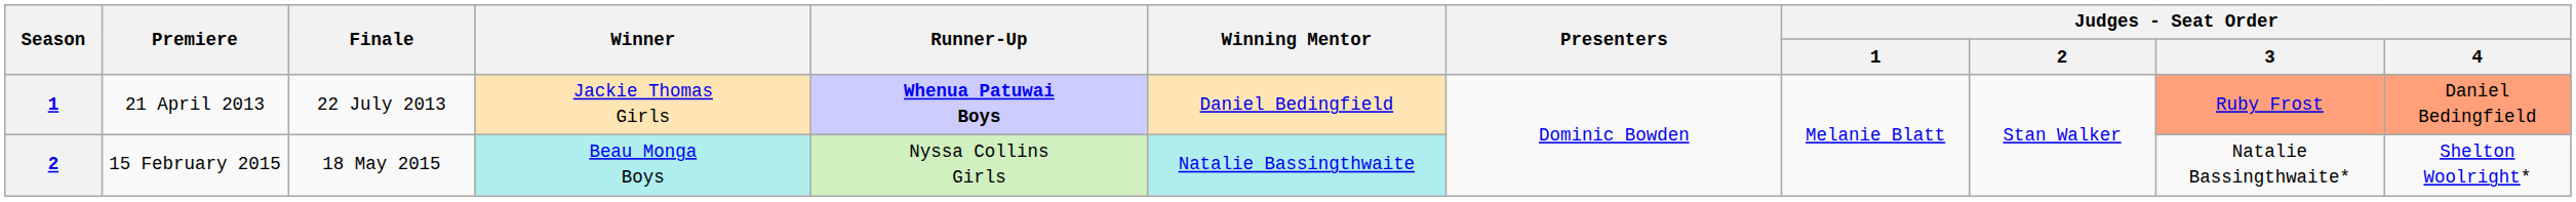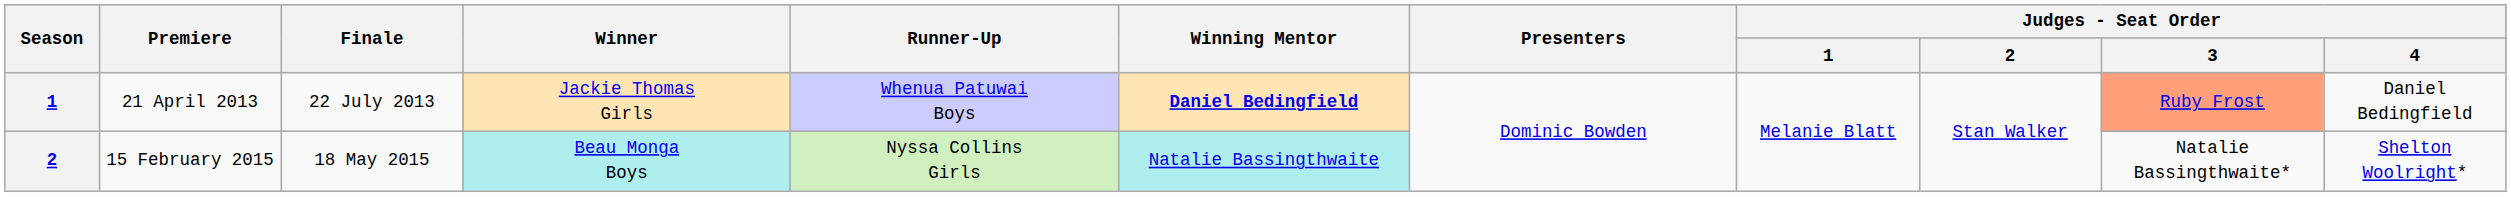 <table class="wikitable"  style="text-align:center; font-size:85%; line-height:16px; width:100%;">
 <tr>
 <th rowspan="2" scope="col" width="02%">Season</th>
 <th rowspan="2" scope="col" width="05%">Premiere</th>
 <th rowspan="2" scope="col" width="05%">Finale</th>
 <th rowspan="2" scope="col" width="9%">Winner</th>
 <th rowspan="2" scope="col" width="9%">Runner-Up</th>
 <th rowspan="2" scope="col" width="8%">Winning Mentor</th>
 <th rowspan="2" scope="col" width="9%">Presenters</th>
 <th colspan="4" scope="col" width="20%">Judges - Seat Order</th>
 </tr>
 <tr>
 <th width="05%">1</th>
 <th width="05%">2</th>
 <th width="05%">3</th>
 <th width="05%">4</th>
 </tr>
 <tr>
 <th scope="row"><a href='#'>1</a></th>
 <td>21 April 2013</td>
 <td>22 July 2013</td>
 <td style="background:#ffe5b4"><a href='#'>Jackie Thomas</a><br>Girls</td>
-<td style="background:#ccf"><strong><a href='#'>Whenua Patuwai</a><br>Boys</strong></td>
-<td style="background:#ffe5b4"><a href='#'>Daniel Bedingfield</a></td>
+<td style="background:#ccf"><a href='#'>Whenua Patuwai</a><br>Boys</td>
+<td style="background:#ffe5b4"><strong><a href='#'>Daniel Bedingfield</a></strong></td>
 <td rowspan="3"><a href='#'>Dominic Bowden</a></td>
 <td rowspan="3"><a href='#'>Melanie Blatt</a></td>
 <td rowspan="3"><a href='#'>Stan Walker</a></td>
 <td rowspan="1" style="background: lightsalmon;"><a href='#'>Ruby Frost</a></td>
-<td rowspan="1" style="background: lightsalmon;">Daniel Bedingfield</td>
+<td rowspan="1">Daniel Bedingfield</td>
 </tr>
 <tr>
 <th rowspan="2" scope="row"><a href='#'>2</a></th>
 <td rowspan="2">15 February 2015</td>
 <td rowspan="2">18 May 2015</td>
 <td rowspan="2" style="background:#afeeee"><a href='#'>Beau Monga</a><br>Boys</td>
 <td rowspan="2" style="background:#d0f0c0">Nyssa Collins<br>Girls</td>
 <td rowspan="2" style="background:#afeeee"><a href='#'>Natalie Bassingthwaite</a></td>
 <td rowspan="2">Natalie Bassingthwaite*</td>
 <td rowspan="2"><a href='#'>Shelton Woolright</a>*</td>
 </tr>
 <tr>
 </tr>
 </table>
